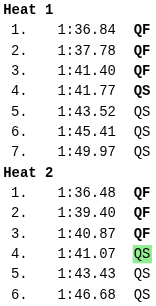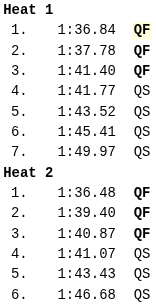 <table style="text-align:center">
 <tr>
 <td colspan=4 align=left><strong>Heat 1</strong></td>
 </tr>
 <tr>
 <td width=30>1.</td>
 <td align=left></td>
 <td width=80>1:36.84</td>
-<td><strong>QF</strong></td>
+<td style="background: lightyellow;"><strong>QF</strong></td>
 </tr>
 <tr>
 <td>2.</td>
 <td align=left></td>
 <td>1:37.78</td>
 <td><strong>QF</strong></td>
 </tr>
 <tr>
 <td>3.</td>
 <td align=left></td>
 <td>1:41.40</td>
 <td><strong>QF</strong></td>
 </tr>
 <tr>
 <td>4.</td>
 <td align=left></td>
 <td>1:41.77</td>
-<td><strong>QS</strong></td>
+<td>QS</td>
 </tr>
 <tr>
 <td>5.</td>
 <td align=left></td>
 <td>1:43.52</td>
 <td>QS</td>
 </tr>
 <tr>
 <td>6.</td>
 <td align=left></td>
 <td>1:45.41</td>
 <td>QS</td>
 </tr>
 <tr>
 <td>7.</td>
 <td align=left></td>
 <td>1:49.97</td>
 <td>QS</td>
 </tr>
 <tr>
 <td colspan=4 align=left><strong>Heat 2</strong></td>
 </tr>
 <tr>
 <td>1.</td>
 <td align=left></td>
 <td>1:36.48</td>
 <td><strong>QF</strong></td>
 </tr>
 <tr>
 <td>2.</td>
 <td align=left></td>
 <td>1:39.40</td>
 <td><strong>QF</strong></td>
 </tr>
 <tr>
 <td>3.</td>
 <td align=left></td>
 <td>1:40.87</td>
 <td><strong>QF</strong></td>
 </tr>
 <tr>
 <td>4.</td>
 <td align=left></td>
 <td>1:41.07</td>
-<td style="background: lightgreen;">QS</td>
+<td>QS</td>
 </tr>
 <tr>
 <td>5.</td>
 <td align=left></td>
 <td>1:43.43</td>
 <td>QS</td>
 </tr>
 <tr>
 <td>6.</td>
 <td align=left></td>
 <td>1:46.68</td>
 <td>QS</td>
 </tr>
 </table>
